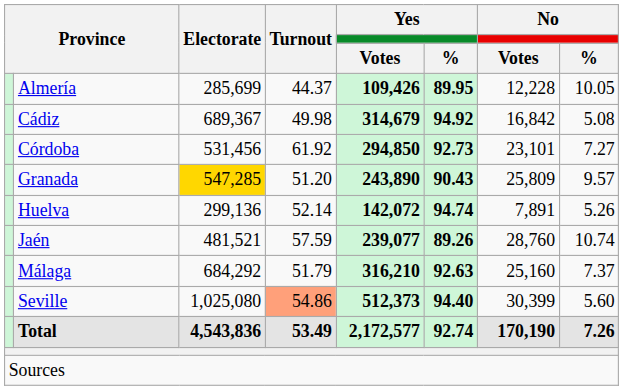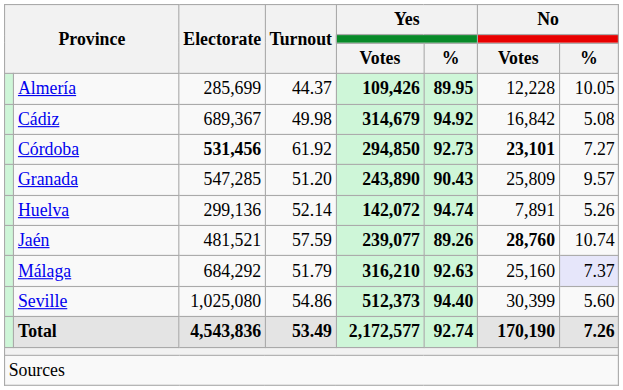 <table class="wikitable sortable" style="text-align:right; line-height:20px;">
 <tr>
 <th width="150" colspan="2" rowspan="3">Province</th>
 <th rowspan="3">Electorate</th>
 <th rowspan="3">Turnout</th>
 <th width="120" colspan="2">Yes</th>
 <th width="120" colspan="2">No</th>
 </tr>
 <tr>
 <th colspan="2" style="background:#088A29;"></th>
 <th colspan="2" style="background:#E90000;"></th>
 </tr>
 <tr>
 <th>Votes</th>
 <th>%</th>
 <th>Votes</th>
 <th>%</th>
 </tr>
 <tr>
 <td width="1" style="color:inherit;background:#CEF6D8;"></td>
 <td align="left"><a href='#'>Almería</a></td>
 <td>285,699</td>
 <td>44.37</td>
 <td style="background:#CEF6D8;"><strong>109,426</strong></td>
 <td style="background:#CEF6D8;"><strong>89.95</strong></td>
 <td>12,228</td>
 <td>10.05</td>
 </tr>
 <tr>
 <td style="color:inherit;background:#CEF6D8;"></td>
 <td align="left"><a href='#'>Cádiz</a></td>
 <td>689,367</td>
 <td>49.98</td>
 <td style="background:#CEF6D8;"><strong>314,679</strong></td>
 <td style="background:#CEF6D8;"><strong>94.92</strong></td>
 <td>16,842</td>
 <td>5.08</td>
 </tr>
 <tr>
 <td style="color:inherit;background:#CEF6D8;"></td>
 <td align="left"><a href='#'>Córdoba</a></td>
-<td>531,456</td>
+<td><strong>531,456</strong></td>
 <td>61.92</td>
 <td style="background:#CEF6D8;"><strong>294,850</strong></td>
 <td style="background:#CEF6D8;"><strong>92.73</strong></td>
-<td>23,101</td>
+<td><strong>23,101</strong></td>
 <td>7.27</td>
 </tr>
 <tr>
 <td style="color:inherit;background:#CEF6D8;"></td>
 <td align="left"><a href='#'>Granada</a></td>
-<td style="background: gold;">547,285</td>
+<td>547,285</td>
 <td>51.20</td>
 <td style="background:#CEF6D8;"><strong>243,890</strong></td>
 <td style="background:#CEF6D8;"><strong>90.43</strong></td>
 <td>25,809</td>
 <td>9.57</td>
 </tr>
 <tr>
 <td style="color:inherit;background:#CEF6D8;"></td>
 <td align="left"><a href='#'>Huelva</a></td>
 <td>299,136</td>
 <td>52.14</td>
 <td style="background:#CEF6D8;"><strong>142,072</strong></td>
 <td style="background:#CEF6D8;"><strong>94.74</strong></td>
 <td>7,891</td>
 <td>5.26</td>
 </tr>
 <tr>
 <td style="color:inherit;background:#CEF6D8;"></td>
 <td align="left"><a href='#'>Jaén</a></td>
 <td>481,521</td>
 <td>57.59</td>
 <td style="background:#CEF6D8;"><strong>239,077</strong></td>
 <td style="background:#CEF6D8;"><strong>89.26</strong></td>
-<td>28,760</td>
+<td><strong>28,760</strong></td>
 <td>10.74</td>
 </tr>
 <tr>
 <td style="color:inherit;background:#CEF6D8;"></td>
 <td align="left"><a href='#'>Málaga</a></td>
 <td>684,292</td>
 <td>51.79</td>
 <td style="background:#CEF6D8;"><strong>316,210</strong></td>
 <td style="background:#CEF6D8;"><strong>92.63</strong></td>
 <td>25,160</td>
-<td>7.37</td>
+<td style="background: lavender;">7.37</td>
 </tr>
 <tr>
 <td style="color:inherit;background:#CEF6D8;"></td>
 <td align="left"><a href='#'>Seville</a></td>
 <td>1,025,080</td>
-<td style="background: lightsalmon;">54.86</td>
+<td>54.86</td>
 <td style="background:#CEF6D8;"><strong>512,373</strong></td>
 <td style="background:#CEF6D8;"><strong>94.40</strong></td>
 <td>30,399</td>
 <td>5.60</td>
 </tr>
 <tr style="font-weight:bold;background:#E4E4E4;">
 <td style="color:inherit;background:#CEF6D8;"></td>
 <td align="left">Total</td>
 <td>4,543,836</td>
 <td>53.49</td>
 <td style="background:#CEF6D8;">2,172,577</td>
 <td style="background:#CEF6D8;">92.74</td>
 <td>170,190</td>
 <td>7.26</td>
 </tr>
 <tr>
 <th colspan="8"></th>
 </tr>
 <tr>
 <th style="text-align:left; font-weight:normal; background:#F9F9F9" colspan="8">Sources</th>
 </tr>
 </table>
